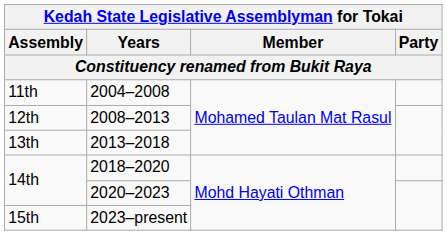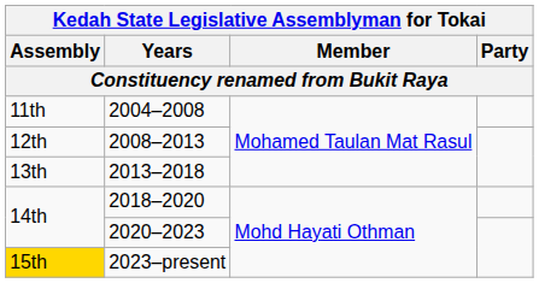 <table class="wikitable">
 <tr>
 <th colspan="4"><a href='#'>Kedah State Legislative Assemblyman</a> for Tokai</th>
 </tr>
 <tr>
 <th>Assembly</th>
 <th>Years</th>
 <th>Member</th>
 <th>Party</th>
 </tr>
 <tr>
 <th colspan="4" align="center"><em>Constituency renamed from Bukit Raya</em></th>
 </tr>
 <tr>
 <td>11th</td>
 <td>2004–2008</td>
 <td rowspan="3"><a href='#'>Mohamed Taulan Mat Rasul</a></td>
 <td rowspan="1"></td>
 </tr>
 <tr>
 <td>12th</td>
 <td>2008–2013</td>
 <td rowspan=2></td>
 </tr>
 <tr>
 <td>13th</td>
 <td>2013–2018</td>
 </tr>
 <tr>
 <td rowspan="2">14th</td>
 <td>2018–2020</td>
 <td rowspan="3"><a href='#'>Mohd Hayati Othman</a></td>
 <td rowspan="1"></td>
 </tr>
 <tr>
 <td>2020–2023</td>
 <td rowspan="2"></td>
 </tr>
 <tr>
-<td>15th</td>
+<td style="background: gold;">15th</td>
 <td>2023–present</td>
 </tr>
 </table>
